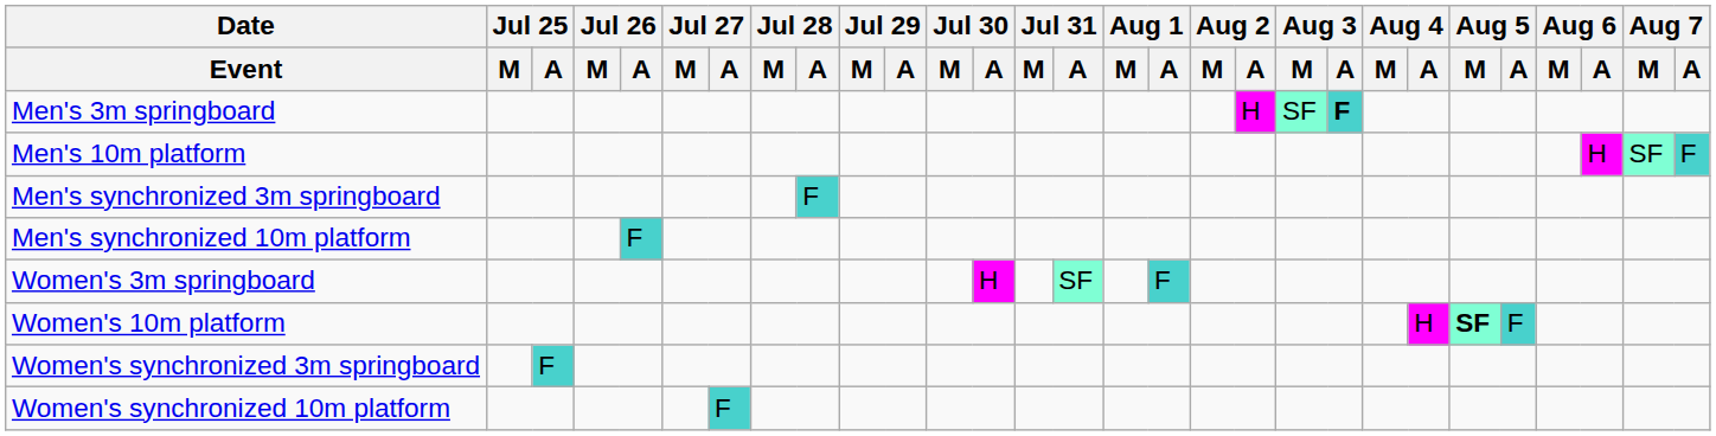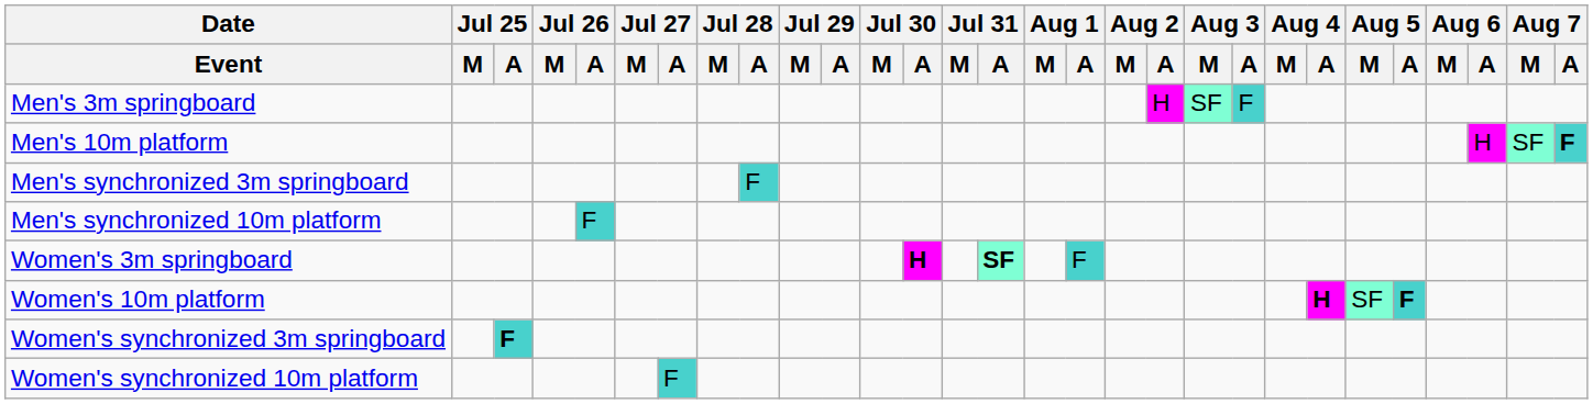 <table class="wikitable olympic-schedule Diving">
 <tr>
 <th>Date</th>
 <th colspan="2">Jul 25</th>
 <th colspan="2">Jul 26</th>
 <th colspan="2">Jul 27</th>
 <th colspan="2">Jul 28</th>
 <th colspan="2">Jul 29</th>
 <th colspan="2">Jul 30</th>
 <th colspan="2">Jul 31</th>
 <th colspan="2">Aug 1</th>
 <th colspan="2">Aug 2</th>
 <th colspan="2">Aug 3</th>
 <th colspan="2">Aug 4</th>
 <th colspan="2">Aug 5</th>
 <th colspan="2">Aug 6</th>
 <th colspan="2">Aug 7</th>
 </tr>
 <tr>
 <th>Event</th>
 <th>M</th>
 <th>A</th>
 <th>M</th>
 <th>A</th>
 <th>M</th>
 <th>A</th>
 <th>M</th>
 <th>A</th>
 <th>M</th>
 <th>A</th>
 <th>M</th>
 <th>A</th>
 <th>M</th>
 <th>A</th>
 <th>M</th>
 <th>A</th>
 <th>M</th>
 <th>A</th>
 <th>M</th>
 <th>A</th>
 <th>M</th>
 <th>A</th>
 <th>M</th>
 <th>A</th>
 <th>M</th>
 <th>A</th>
 <th>M</th>
 <th>A</th>
 </tr>
 <tr>
 <td class="event"><a href='#'>Men's 3m springboard</a></td>
 <td colspan="2"></td>
 <td colspan="2"></td>
 <td colspan="2"></td>
 <td colspan="2"></td>
 <td colspan="2"></td>
 <td colspan="2"></td>
 <td colspan="2"></td>
 <td colspan="2"></td>
 <td></td>
 <td bgcolor="#FF00FF" class="heat">H</td>
 <td bgcolor="#7FFFD4" class="semifinal">SF</td>
-<td bgcolor="#48D1CC" class="finals"><strong>F</strong></td>
+<td bgcolor="#48D1CC" class="finals">F</td>
 <td colspan="2"></td>
 <td colspan="2"></td>
 <td colspan="2"></td>
 <td colspan="2"></td>
 </tr>
 <tr>
 <td class="event"><a href='#'>Men's 10m platform</a></td>
 <td colspan="2"></td>
 <td colspan="2"></td>
 <td colspan="2"></td>
 <td colspan="2"></td>
 <td colspan="2"></td>
 <td colspan="2"></td>
 <td colspan="2"></td>
 <td colspan="2"></td>
 <td colspan="2"></td>
 <td colspan="2"></td>
 <td colspan="2"></td>
 <td colspan="2"></td>
 <td></td>
 <td bgcolor="#FF00FF" class="heat">H</td>
 <td bgcolor="#7FFFD4" class="semifinal">SF</td>
-<td bgcolor="#48D1CC" class="finals">F</td>
+<td bgcolor="#48D1CC" class="finals"><strong>F</strong></td>
 </tr>
 <tr>
 <td class="event"><a href='#'>Men's synchronized 3m springboard</a></td>
 <td colspan="2"></td>
 <td colspan="2"></td>
 <td colspan="2"></td>
 <td></td>
 <td bgcolor="#48D1CC" class="finals">F</td>
 <td colspan="2"></td>
 <td colspan="2"></td>
 <td colspan="2"></td>
 <td colspan="2"></td>
 <td colspan="2"></td>
 <td colspan="2"></td>
 <td colspan="2"></td>
 <td colspan="2"></td>
 <td colspan="2"></td>
 <td colspan="2"></td>
 </tr>
 <tr>
 <td class="event"><a href='#'>Men's synchronized 10m platform</a></td>
 <td colspan="2"></td>
 <td></td>
 <td bgcolor="#48D1CC" class="finals">F</td>
 <td colspan="2"></td>
 <td colspan="2"></td>
 <td colspan="2"></td>
 <td colspan="2"></td>
 <td colspan="2"></td>
 <td colspan="2"></td>
 <td colspan="2"></td>
 <td colspan="2"></td>
 <td colspan="2"></td>
 <td colspan="2"></td>
 <td colspan="2"></td>
 <td colspan="2"></td>
 </tr>
 <tr>
 <td class="event"><a href='#'>Women's 3m springboard</a></td>
 <td colspan="2"></td>
 <td colspan="2"></td>
 <td colspan="2"></td>
 <td colspan="2"></td>
 <td colspan="2"></td>
 <td></td>
-<td bgcolor="#FF00FF" class="heat">H</td>
+<td bgcolor="#FF00FF" class="heat"><strong>H</strong></td>
 <td></td>
-<td bgcolor="#7FFFD4" class="semifinal">SF</td>
+<td bgcolor="#7FFFD4" class="semifinal"><strong>SF</strong></td>
 <td></td>
 <td bgcolor="#48D1CC" class="finals">F</td>
 <td colspan="2"></td>
 <td colspan="2"></td>
 <td colspan="2"></td>
 <td colspan="2"></td>
 <td colspan="2"></td>
 <td colspan="2"></td>
 </tr>
 <tr>
 <td class="event"><a href='#'>Women's 10m platform</a></td>
 <td colspan="2"></td>
 <td colspan="2"></td>
 <td colspan="2"></td>
 <td colspan="2"></td>
 <td colspan="2"></td>
 <td colspan="2"></td>
 <td colspan="2"></td>
 <td colspan="2"></td>
 <td colspan="2"></td>
 <td colspan="2"></td>
 <td></td>
-<td bgcolor="#FF00FF" class="heat">H</td>
-<td bgcolor="#7FFFD4" class="semifinal"><strong>SF</strong></td>
-<td bgcolor="#48D1CC" class="finals">F</td>
+<td bgcolor="#FF00FF" class="heat"><strong>H</strong></td>
+<td bgcolor="#7FFFD4" class="semifinal">SF</td>
+<td bgcolor="#48D1CC" class="finals"><strong>F</strong></td>
 <td colspan="2"></td>
 <td colspan="2"></td>
 </tr>
 <tr>
 <td class="event"><a href='#'>Women's synchronized 3m springboard</a></td>
 <td></td>
-<td bgcolor="#48D1CC" class="finals">F</td>
+<td bgcolor="#48D1CC" class="finals"><strong>F</strong></td>
 <td colspan="2"></td>
 <td colspan="2"></td>
 <td colspan="2"></td>
 <td colspan="2"></td>
 <td colspan="2"></td>
 <td colspan="2"></td>
 <td colspan="2"></td>
 <td colspan="2"></td>
 <td colspan="2"></td>
 <td colspan="2"></td>
 <td colspan="2"></td>
 <td colspan="2"></td>
 <td colspan="2"></td>
 </tr>
 <tr>
 <td class="event"><a href='#'>Women's synchronized 10m platform</a></td>
 <td colspan="2"></td>
 <td colspan="2"></td>
 <td></td>
 <td bgcolor="#48D1CC" class="finals">F</td>
 <td colspan="2"></td>
 <td colspan="2"></td>
 <td colspan="2"></td>
 <td colspan="2"></td>
 <td colspan="2"></td>
 <td colspan="2"></td>
 <td colspan="2"></td>
 <td colspan="2"></td>
 <td colspan="2"></td>
 <td colspan="2"></td>
 <td colspan="2"></td>
 </tr>
 </table>
